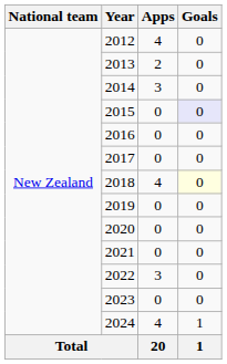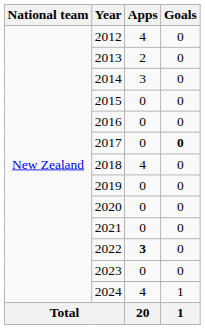 <table class="wikitable" style="text-align: center;">
 <tr>
 <th>National team</th>
 <th>Year</th>
 <th>Apps</th>
 <th>Goals</th>
 </tr>
 <tr>
 <td rowspan="13"><a href='#'>New Zealand</a></td>
 <td>2012</td>
 <td>4</td>
 <td>0</td>
 </tr>
 <tr>
 <td>2013</td>
 <td>2</td>
 <td>0</td>
 </tr>
 <tr>
 <td>2014</td>
 <td>3</td>
 <td>0</td>
 </tr>
 <tr>
 <td>2015</td>
 <td>0</td>
-<td style="background: lavender;">0</td>
+<td>0</td>
 </tr>
 <tr>
 <td>2016</td>
 <td>0</td>
 <td>0</td>
 </tr>
 <tr>
 <td>2017</td>
 <td>0</td>
-<td>0</td>
+<td><strong>0</strong></td>
 </tr>
 <tr>
 <td>2018</td>
 <td>4</td>
-<td style="background: lightyellow;">0</td>
+<td>0</td>
 </tr>
 <tr>
 <td>2019</td>
 <td>0</td>
 <td>0</td>
 </tr>
 <tr>
 <td>2020</td>
 <td>0</td>
 <td>0</td>
 </tr>
 <tr>
 <td>2021</td>
 <td>0</td>
 <td>0</td>
 </tr>
 <tr>
 <td>2022</td>
-<td>3</td>
+<td><strong>3</strong></td>
 <td>0</td>
 </tr>
 <tr>
 <td>2023</td>
 <td>0</td>
 <td>0</td>
 </tr>
 <tr>
 <td>2024</td>
 <td>4</td>
 <td>1</td>
 </tr>
 <tr>
 <th colspan="2">Total</th>
 <th>20</th>
 <th>1</th>
 </tr>
 </table>
